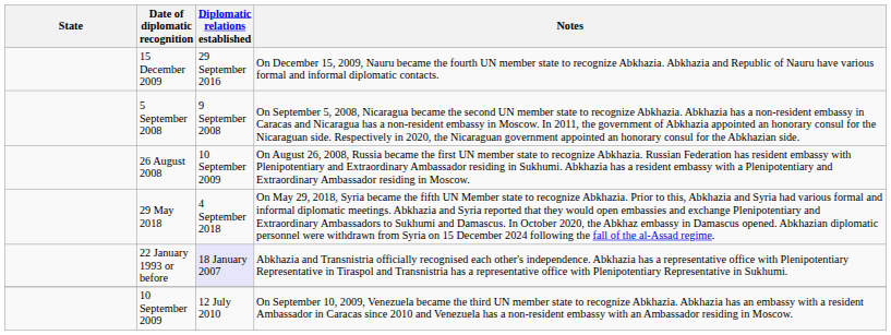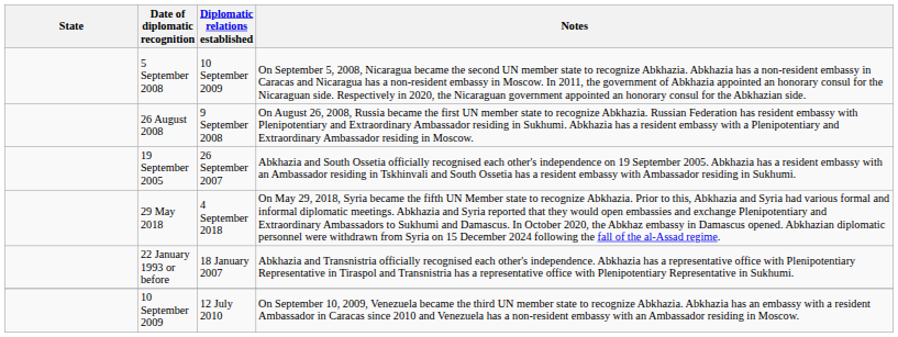 <table class="wikitable sortable" style="margin:auto;">
 <tr>
 <th style="width:15%;">State</th>
 <th style="width:6%;">Date of diplomatic recognition</th>
 <th style="width:6%;"><a href='#'>Diplomatic relations</a> established</th>
 <th>Notes</th>
 </tr>
 <tr -valign="top">
 <td></td>
-<td> 15 December 2009</td>
-<td>29 September 2016</td>
-<td>On December 15, 2009, Nauru became the fourth UN member state to recognize Abkhazia. Abkhazia and Republic of Nauru have various formal and informal diplomatic contacts.</td>
-</tr>
-<tr -valign="top">
-<td></td>
 <td> 5 September 2008</td>
-<td>9 September 2008</td>
+<td>10 September 2009</td>
 <td><br> On September 5, 2008, Nicaragua became the second UN member state to recognize Abkhazia. Abkhazia has a non-resident embassy in Caracas and Nicaragua has a non-resident embassy in Moscow. In 2011, the government of Abkhazia appointed an honorary consul for the Nicaraguan side. Respectively in 2020, the Nicaraguan government appointed an honorary consul for the Abkhazian side.</td>
 </tr>
 <tr -valign="top">
 <td></td>
 <td> 26 August 2008</td>
-<td>10 September 2009</td>
+<td>9 September 2008</td>
 <td>On August 26, 2008, Russia became the first UN member state to recognize Abkhazia. Russian Federation has resident embassy with Plenipotentiary and Extraordinary Ambassador residing in Sukhumi. Abkhazia has a resident embassy with a Plenipotentiary and Extraordinary Ambassador residing in Moscow.</td>
+</tr>
+<tr -valign="top">
+<td></td>
+<td>19 September 2005 </td>
+<td>26 September 2007</td>
+<td>Abkhazia and South Ossetia officially recognised each other's independence on 19 September 2005. Abkhazia has a resident embassy with an Ambassador residing in Tskhinvali and South Ossetia has a resident embassy with Ambassador residing in Sukhumi.</td>
 </tr>
 <tr -valign="top">
 <td></td>
 <td> 29 May 2018</td>
 <td>4 September 2018</td>
 <td>On May 29, 2018, Syria became the fifth UN Member state to recognize Abkhazia. Prior to this, Abkhazia and Syria had various formal and informal diplomatic meetings. Abkhazia and Syria reported that they would open embassies and exchange Plenipotentiary and Extraordinary Ambassadors to Sukhumi and Damascus. In October 2020, the Abkhaz embassy in Damascus opened. Abkhazian diplomatic personnel were withdrawn from Syria on 15 December 2024 following the <a href='#'>fall of the al-Assad regime</a>.</td>
 </tr>
 <tr -valign="top">
 <td></td>
 <td>22 January 1993 or before</td>
-<td style="background: lavender;">18 January 2007</td>
+<td>18 January 2007</td>
 <td>Abkhazia and Transnistria officially recognised each other's independence. Abkhazia has a representative office with Plenipotentiary Representative in Tiraspol and Transnistria has a representative office with Plenipotentiary Representative in Sukhumi.</td>
 </tr>
 <tr -valign="top">
 </tr>
 <tr -valign="top">
 <td></td>
 <td> 10 September 2009</td>
 <td>12 July 2010</td>
 <td>On September 10, 2009, Venezuela became the third UN member state to recognize Abkhazia. Abkhazia has an embassy with a resident Ambassador in Caracas since 2010 and Venezuela has a non-resident embassy with an Ambassador residing in Moscow.</td>
 </tr>
 </table>
